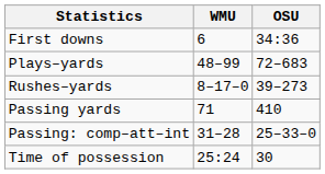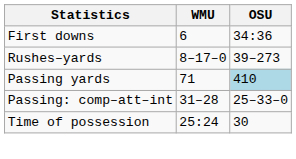 <table class="wikitable" style="float:left">
 <tr>
 <th>Statistics</th>
 <th>WMU</th>
 <th>OSU</th>
 </tr>
 <tr>
 <td>First downs</td>
 <td>6</td>
 <td>34:36</td>
 </tr>
 <tr>
-<td>Plays–yards</td>
-<td>48–99</td>
-<td>72–683</td>
-</tr>
-<tr>
 <td>Rushes–yards</td>
 <td>8–17–0</td>
 <td>39–273</td>
 </tr>
 <tr>
 <td>Passing yards</td>
 <td>71</td>
-<td>410</td>
+<td style="background: lightblue;">410</td>
 </tr>
 <tr>
 <td>Passing: comp–att–int</td>
 <td>31–28</td>
 <td>25–33–0</td>
 </tr>
 <tr>
 <td>Time of possession</td>
 <td>25:24</td>
 <td>30</td>
 </tr>
 </table>
